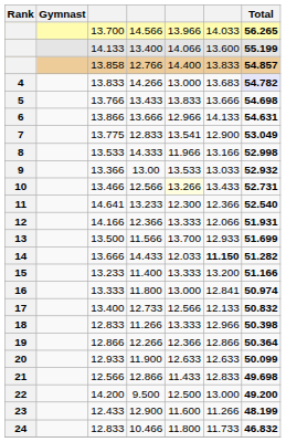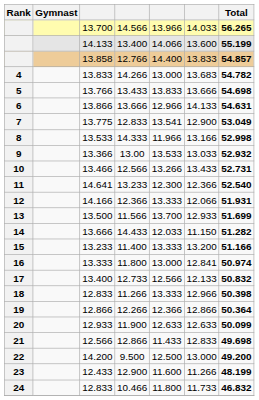 <table class="wikitable sortable" style="text-align:center; font-size:95%">
 <tr>
 <th>Rank</th>
 <th>Gymnast</th>
 <th></th>
 <th></th>
 <th></th>
 <th></th>
 <th>Total</th>
 </tr>
 <tr bgcolor=fffcaf>
 <th scope=row style="text-align:center"></th>
 <td align=left></td>
 <td>13.700</td>
 <td>14.566</td>
 <td>13.966</td>
 <td>14.033</td>
 <td><strong>56.265</strong></td>
 </tr>
 <tr bgcolor=e5e5e5>
 <th scope=row style="text-align:center"></th>
 <td align=left></td>
 <td>14.133</td>
 <td>13.400</td>
 <td>14.066</td>
 <td>13.600</td>
 <td><strong>55.199</strong></td>
 </tr>
 <tr bgcolor=eecc99>
 <th scope=row style="text-align:center"></th>
 <td align=left></td>
 <td>13.858</td>
 <td>12.766</td>
 <td>14.400</td>
 <td>13.833</td>
 <td><strong>54.857</strong></td>
 </tr>
 <tr>
 <th scope=row style="text-align:center">4</th>
 <td align=left></td>
 <td>13.833</td>
 <td>14.266</td>
 <td>13.000</td>
 <td>13.683</td>
-<td style="background: lavender;"><strong>54.782</strong></td>
+<td><strong>54.782</strong></td>
 </tr>
 <tr>
 <th scope=row style="text-align:center">5</th>
 <td align=left></td>
 <td>13.766</td>
 <td>13.433</td>
 <td>13.833</td>
 <td>13.666</td>
 <td><strong>54.698</strong></td>
 </tr>
 <tr>
 <th scope=row style="text-align:center">6</th>
 <td align=left></td>
 <td>13.866</td>
 <td>13.666</td>
 <td>12.966</td>
 <td>14.133</td>
 <td><strong>54.631</strong></td>
 </tr>
 <tr>
 <th scope=row style="text-align:center">7</th>
 <td align=left></td>
 <td>13.775</td>
 <td>12.833</td>
 <td>13.541</td>
 <td>12.900</td>
 <td><strong>53.049</strong></td>
 </tr>
 <tr>
 <th scope=row style="text-align:center">8</th>
 <td align=left></td>
 <td>13.533</td>
 <td>14.333</td>
 <td>11.966</td>
 <td>13.166</td>
 <td><strong>52.998</strong></td>
 </tr>
 <tr>
 <th scope=row style="text-align:center">9</th>
 <td align=left></td>
 <td>13.366</td>
 <td>13.00</td>
 <td>13.533</td>
 <td>13.033</td>
 <td><strong>52.932</strong></td>
 </tr>
 <tr>
 <th scope=row style="text-align:center">10</th>
 <td align=left></td>
 <td>13.466</td>
 <td>12.566</td>
-<td style="background: lightyellow;">13.266</td>
+<td>13.266</td>
 <td>13.433</td>
 <td><strong>52.731</strong></td>
 </tr>
 <tr>
 <th scope=row style="text-align:center">11</th>
 <td align=left></td>
 <td>14.641</td>
 <td>13.233</td>
 <td>12.300</td>
 <td>12.366</td>
 <td><strong>52.540</strong></td>
 </tr>
 <tr>
 <th scope=row style="text-align:center">12</th>
 <td align=left></td>
 <td>14.166</td>
 <td>12.366</td>
 <td>13.333</td>
 <td>12.066</td>
 <td><strong>51.931</strong></td>
 </tr>
 <tr>
 <th scope=row style="text-align:center">13</th>
 <td align=left></td>
 <td>13.500</td>
 <td>11.566</td>
 <td>13.700</td>
 <td>12.933</td>
 <td><strong>51.699</strong></td>
 </tr>
 <tr>
 <th scope=row style="text-align:center">14</th>
 <td align=left></td>
 <td>13.666</td>
 <td>14.433</td>
 <td>12.033</td>
-<td><strong>11.150</strong></td>
+<td>11.150</td>
 <td><strong>51.282</strong></td>
 </tr>
 <tr>
 <th scope=row style="text-align:center">15</th>
 <td align=left></td>
 <td>13.233</td>
 <td>11.400</td>
 <td>13.333</td>
 <td>13.200</td>
 <td><strong>51.166</strong></td>
 </tr>
 <tr>
 <th scope=row style="text-align:center">16</th>
 <td align=left></td>
 <td>13.333</td>
 <td>11.800</td>
 <td>13.000</td>
 <td>12.841</td>
 <td><strong>50.974</strong></td>
 </tr>
 <tr>
 <th scope=row style="text-align:center">17</th>
 <td align=left></td>
 <td>13.400</td>
 <td>12.733</td>
 <td>12.566</td>
 <td>12.133</td>
 <td><strong>50.832</strong></td>
 </tr>
 <tr>
 <th scope=row style="text-align:center">18</th>
 <td align=left></td>
 <td>12.833</td>
 <td>11.266</td>
 <td>13.333</td>
 <td>12.966</td>
 <td><strong>50.398</strong></td>
 </tr>
 <tr>
 <th scope=row style="text-align:center">19</th>
 <td align=left></td>
 <td>12.866</td>
 <td>12.266</td>
 <td>12.366</td>
 <td>12.866</td>
 <td><strong>50.364</strong></td>
 </tr>
 <tr>
 <th scope=row style="text-align:center">20</th>
 <td align=left></td>
 <td>12.933</td>
 <td>11.900</td>
 <td>12.633</td>
 <td>12.633</td>
 <td><strong>50.099</strong></td>
 </tr>
 <tr>
 <th scope=row style="text-align:center">21</th>
 <td align=left></td>
 <td>12.566</td>
 <td>12.866</td>
 <td>11.433</td>
 <td>12.833</td>
 <td><strong>49.698</strong></td>
 </tr>
 <tr>
 <th scope=row style="text-align:center">22</th>
 <td align=left></td>
 <td>14.200</td>
 <td>9.500</td>
 <td>12.500</td>
 <td>13.000</td>
 <td><strong>49.200</strong></td>
 </tr>
 <tr>
 <th scope=row style="text-align:center">23</th>
 <td align=left></td>
 <td>12.433</td>
 <td>12.900</td>
 <td>11.600</td>
 <td>11.266</td>
 <td><strong>48.199</strong></td>
 </tr>
 <tr>
 <th scope=row style="text-align:center">24</th>
 <td align=left></td>
 <td>12.833</td>
 <td>10.466</td>
 <td>11.800</td>
 <td>11.733</td>
 <td><strong>46.832</strong></td>
 </tr>
 <tr>
 </tr>
 </table>
